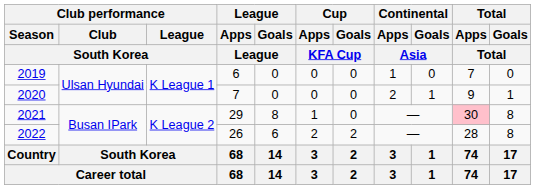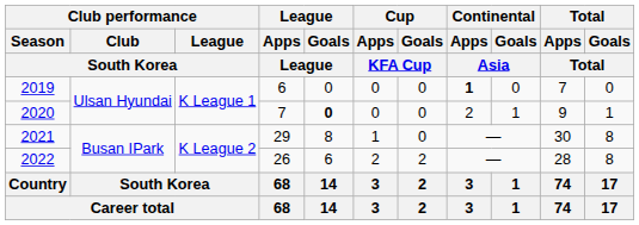 <table class="wikitable" style="text-align:center">
 <tr>
 <th colspan=3>Club performance</th>
 <th colspan=2>League</th>
 <th colspan=2>Cup</th>
 <th colspan=2>Continental</th>
 <th colspan=2>Total</th>
 </tr>
 <tr>
 <th>Season</th>
 <th>Club</th>
 <th>League</th>
 <th>Apps</th>
 <th>Goals</th>
 <th>Apps</th>
 <th>Goals</th>
 <th>Apps</th>
 <th>Goals</th>
 <th>Apps</th>
 <th>Goals</th>
 </tr>
 <tr>
 <th colspan=3>South Korea</th>
 <th colspan=2>League</th>
 <th colspan=2><a href='#'>KFA Cup</a></th>
 <th colspan=2><a href='#'>Asia</a></th>
 <th colspan=2>Total</th>
 </tr>
 <tr>
 <td><a href='#'>2019</a></td>
 <td rowspan=2><a href='#'>Ulsan Hyundai</a></td>
 <td rowspan=2><a href='#'>K League 1</a></td>
 <td>6</td>
 <td>0</td>
 <td>0</td>
 <td>0</td>
-<td>1</td>
+<td><strong>1</strong></td>
 <td>0</td>
 <td>7</td>
 <td>0</td>
 </tr>
 <tr>
 <td><a href='#'>2020</a></td>
 <td>7</td>
-<td>0</td>
+<td><strong>0</strong></td>
 <td>0</td>
 <td>0</td>
 <td>2</td>
 <td>1</td>
 <td>9</td>
 <td>1</td>
 </tr>
 <tr>
 <td><a href='#'>2021</a></td>
 <td rowspan=2><a href='#'>Busan IPark</a></td>
 <td rowspan=2><a href='#'>K League 2</a></td>
 <td>29</td>
 <td>8</td>
 <td>1</td>
 <td>0</td>
 <td colspan=2>—</td>
-<td style="background: pink;">30</td>
+<td>30</td>
 <td>8</td>
 </tr>
 <tr>
 <td><a href='#'>2022</a></td>
 <td>26</td>
 <td>6</td>
 <td>2</td>
 <td>2</td>
 <td colspan=2>—</td>
 <td>28</td>
 <td>8</td>
 </tr>
 <tr>
 <th>Country</th>
 <th colspan=2>South Korea</th>
 <th>68</th>
 <th>14</th>
 <th>3</th>
 <th>2</th>
 <th>3</th>
 <th>1</th>
 <th>74</th>
 <th>17</th>
 </tr>
 <tr>
 <th colspan=3>Career total</th>
 <th>68</th>
 <th>14</th>
 <th>3</th>
 <th>2</th>
 <th>3</th>
 <th>1</th>
 <th>74</th>
 <th>17</th>
 </tr>
 </table>
